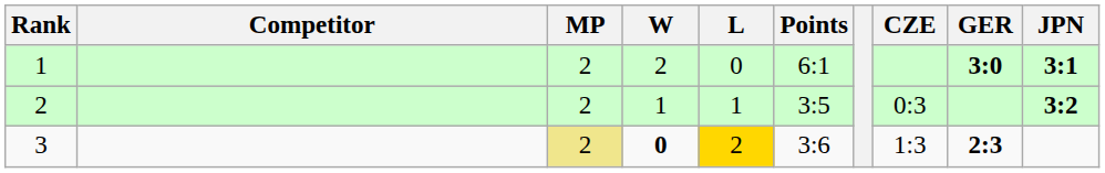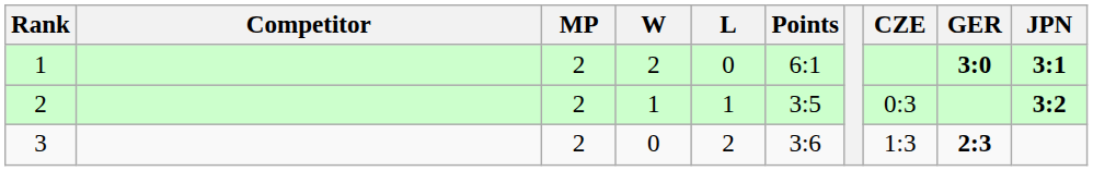 <table class="wikitable" style="text-align:center">
 <tr>
 <th>Rank</th>
 <th style="width:18em">Competitor</th>
 <th style="width:2.5em">MP</th>
 <th style="width:2.5em">W</th>
 <th style="width:2.5em">L</th>
 <th>Points</th>
 <th rowspan="4"> </th>
 <th style="width:2.5em">CZE</th>
 <th style="width:2.5em">GER</th>
 <th style="width:2.5em">JPN</th>
 </tr>
 <tr style="background:#cfc;">
 <td>1</td>
 <td style="text-align:left"></td>
 <td>2</td>
 <td>2</td>
 <td>0</td>
 <td>6:1</td>
 <td></td>
 <td><strong>3:0</strong></td>
 <td><strong>3:1</strong></td>
 </tr>
 <tr style="background:#cfc;">
 <td>2</td>
 <td style="text-align:left"></td>
 <td>2</td>
 <td>1</td>
 <td>1</td>
 <td>3:5</td>
 <td>0:3</td>
 <td></td>
 <td><strong>3:2</strong></td>
 </tr>
 <tr>
 <td>3</td>
 <td style="text-align:left"></td>
-<td style="background: khaki;">2</td>
-<td><strong>0</strong></td>
-<td style="background: gold;">2</td>
+<td>2</td>
+<td>0</td>
+<td>2</td>
 <td>3:6</td>
 <td>1:3</td>
 <td><strong>2:3</strong></td>
 <td></td>
 </tr>
 </table>
